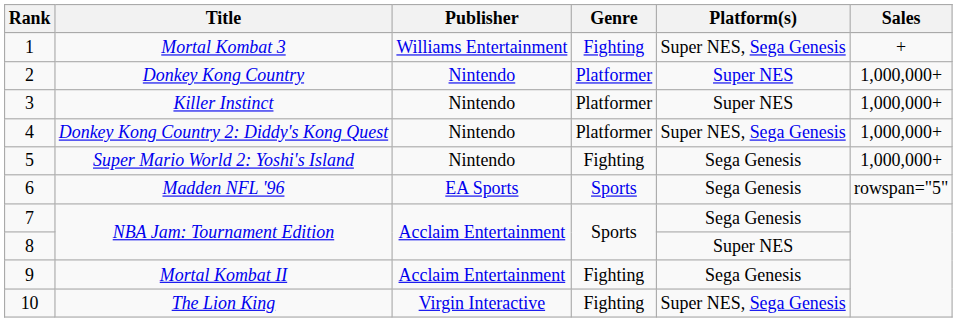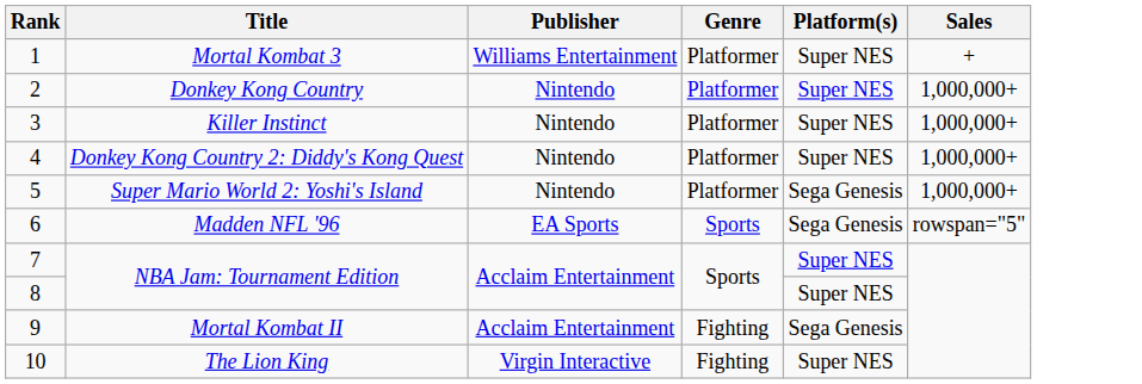 <table class="wikitable sortable" style="text-align:center">
 <tr>
 <th>Rank</th>
 <th>Title</th>
 <th>Publisher</th>
 <th>Genre</th>
 <th>Platform(s)</th>
 <th>Sales</th>
 </tr>
 <tr>
 <td>1</td>
 <td><em><a href='#'>Mortal Kombat 3</a></em></td>
 <td><a href='#'>Williams Entertainment</a></td>
-<td><a href='#'>Fighting</a></td>
-<td>Super NES, <a href='#'>Sega Genesis</a></td>
+<td>Platformer</td>
+<td>Super NES</td>
 <td>+</td>
 </tr>
 <tr>
 <td>2</td>
 <td><em><a href='#'>Donkey Kong Country</a></em></td>
 <td><a href='#'>Nintendo</a></td>
 <td><a href='#'>Platformer</a></td>
 <td><a href='#'>Super NES</a></td>
 <td>1,000,000+</td>
 </tr>
 <tr>
 <td>3</td>
 <td><em><a href='#'>Killer Instinct</a></em></td>
 <td>Nintendo</td>
 <td>Platformer</td>
 <td>Super NES</td>
 <td>1,000,000+</td>
 </tr>
 <tr>
 <td>4</td>
 <td><em><a href='#'>Donkey Kong Country 2: Diddy's Kong Quest</a></em></td>
 <td>Nintendo</td>
 <td>Platformer</td>
-<td>Super NES, <a href='#'>Sega Genesis</a></td>
+<td>Super NES</td>
 <td>1,000,000+</td>
 </tr>
 <tr>
 <td>5</td>
 <td><em><a href='#'>Super Mario World 2: Yoshi's Island</a></em></td>
 <td>Nintendo</td>
-<td>Fighting</td>
+<td>Platformer</td>
 <td>Sega Genesis</td>
 <td>1,000,000+</td>
 </tr>
 <tr>
 <td>6</td>
 <td><em><a href='#'>Madden NFL '96</a></em></td>
 <td><a href='#'>EA Sports</a></td>
 <td><a href='#'>Sports</a></td>
 <td>Sega Genesis</td>
 <td>rowspan="5" </td>
 </tr>
 <tr>
 <td>7</td>
 <td rowspan="2"><em><a href='#'>NBA Jam: Tournament Edition</a></em></td>
 <td rowspan="2"><a href='#'>Acclaim Entertainment</a></td>
 <td rowspan="2">Sports</td>
-<td>Sega Genesis</td>
+<td><a href='#'>Super NES</a></td>
 </tr>
 <tr>
 <td>8</td>
 <td>Super NES</td>
 </tr>
 <tr>
 <td>9</td>
 <td><em><a href='#'>Mortal Kombat II</a></em></td>
 <td><a href='#'>Acclaim Entertainment</a></td>
 <td>Fighting</td>
 <td>Sega Genesis</td>
 </tr>
 <tr>
 <td>10</td>
 <td><a href='#'><em>The Lion King</em></a></td>
 <td><a href='#'>Virgin Interactive</a></td>
 <td>Fighting</td>
-<td>Super NES, <a href='#'>Sega Genesis</a></td>
+<td>Super NES</td>
 </tr>
 </table>
